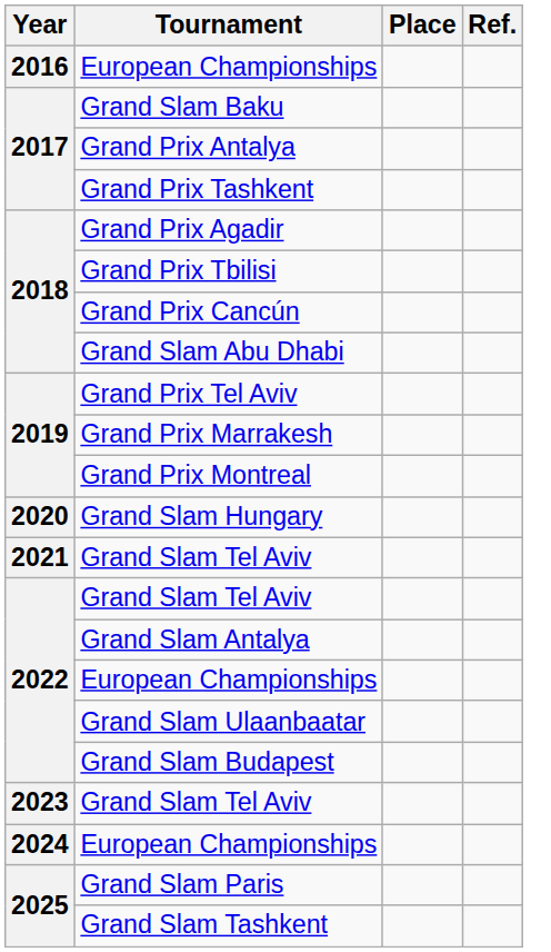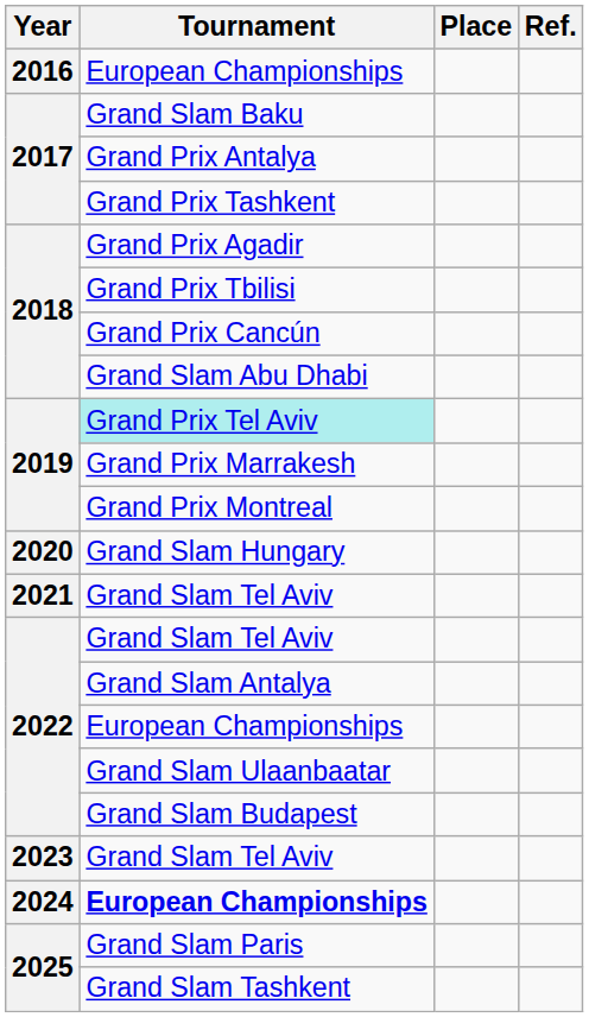 <table class="wikitable sortable" style="text-align:center;">
 <tr>
 <th>Year</th>
 <th>Tournament</th>
 <th>Place</th>
 <th>Ref.</th>
 </tr>
 <tr>
 <th>2016</th>
 <td align=left><a href='#'>European Championships</a></td>
 <td></td>
 <td></td>
 </tr>
 <tr>
 <th rowspan=3>2017</th>
 <td align=left><a href='#'>Grand Slam Baku</a></td>
 <td></td>
 <td></td>
 </tr>
 <tr>
 <td align=left><a href='#'>Grand Prix Antalya</a></td>
 <td></td>
 <td></td>
 </tr>
 <tr>
 <td align=left><a href='#'>Grand Prix Tashkent</a></td>
 <td></td>
 <td></td>
 </tr>
 <tr>
 <th rowspan=4>2018</th>
 <td align=left><a href='#'>Grand Prix Agadir</a></td>
 <td></td>
 <td></td>
 </tr>
 <tr>
 <td align=left><a href='#'>Grand Prix Tbilisi</a></td>
 <td></td>
 <td></td>
 </tr>
 <tr>
 <td align=left><a href='#'>Grand Prix Cancún</a></td>
 <td></td>
 <td></td>
 </tr>
 <tr>
 <td align=left><a href='#'>Grand Slam Abu Dhabi</a></td>
 <td></td>
 <td></td>
 </tr>
 <tr>
 <th rowspan=3>2019</th>
-<td align=left><a href='#'>Grand Prix Tel Aviv</a></td>
+<td align=left style="background: paleturquoise;"><a href='#'>Grand Prix Tel Aviv</a></td>
 <td></td>
 <td></td>
 </tr>
 <tr>
 <td align=left><a href='#'>Grand Prix Marrakesh</a></td>
 <td></td>
 <td></td>
 </tr>
 <tr>
 <td align=left><a href='#'>Grand Prix Montreal</a></td>
 <td></td>
 <td></td>
 </tr>
 <tr>
 <th>2020</th>
 <td align=left><a href='#'>Grand Slam Hungary</a></td>
 <td></td>
 <td></td>
 </tr>
 <tr>
 <th>2021</th>
 <td align=left><a href='#'>Grand Slam Tel Aviv</a></td>
 <td></td>
 <td></td>
 </tr>
 <tr>
 <th rowspan=5>2022</th>
 <td align=left><a href='#'>Grand Slam Tel Aviv</a></td>
 <td></td>
 <td></td>
 </tr>
 <tr>
 <td align=left><a href='#'>Grand Slam Antalya</a></td>
 <td></td>
 <td></td>
 </tr>
 <tr>
 <td align=left><a href='#'>European Championships</a></td>
 <td></td>
 <td></td>
 </tr>
 <tr>
 <td align=left><a href='#'>Grand Slam Ulaanbaatar</a></td>
 <td></td>
 <td></td>
 </tr>
 <tr>
 <td align=left><a href='#'>Grand Slam Budapest</a></td>
 <td></td>
 <td></td>
 </tr>
 <tr>
 <th>2023</th>
 <td align=left><a href='#'>Grand Slam Tel Aviv</a></td>
 <td></td>
 <td></td>
 </tr>
 <tr>
 <th>2024</th>
-<td align=left><a href='#'>European Championships</a></td>
+<td align=left><strong><a href='#'>European Championships</a></strong></td>
 <td></td>
 <td></td>
 </tr>
 <tr>
 <th rowspan=2>2025</th>
 <td align=left><a href='#'>Grand Slam Paris</a></td>
 <td></td>
 <td></td>
 </tr>
 <tr>
 <td align=left><a href='#'>Grand Slam Tashkent</a></td>
 <td></td>
 <td></td>
 </tr>
 </table>
